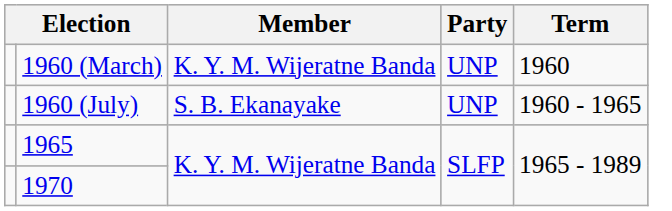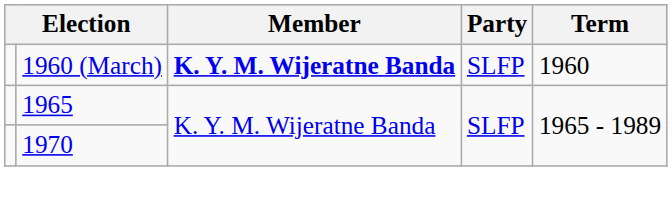 <table class="wikitable">
 <tr>
 <th colspan="2">Election</th>
 <th>Member</th>
 <th>Party</th>
 <th>Term</th>
 </tr>
 <tr>
 <td style="background-color: "></td>
 <td><a href='#'>1960 (March)</a></td>
-<td><a href='#'>K. Y. M. Wijeratne Banda</a></td>
-<td><a href='#'>UNP</a></td>
+<td><strong><a href='#'>K. Y. M. Wijeratne Banda</a></strong></td>
+<td><a href='#'>SLFP</a></td>
 <td>1960</td>
-</tr>
-<tr>
-<td style="background-color: "></td>
-<td><a href='#'>1960 (July)</a></td>
-<td><a href='#'>S. B. Ekanayake</a></td>
-<td><a href='#'>UNP</a></td>
-<td>1960 - 1965</td>
 </tr>
 <tr>
 <td style="background-color: "></td>
 <td><a href='#'>1965</a></td>
 <td rowspan=2><a href='#'>K. Y. M. Wijeratne Banda</a></td>
 <td rowspan=2><a href='#'>SLFP</a></td>
 <td rowspan=2>1965 - 1989</td>
 </tr>
 <tr>
 <td style="background-color: "></td>
 <td><a href='#'>1970</a></td>
 </tr>
 </table>
